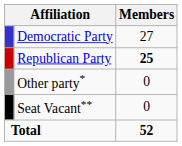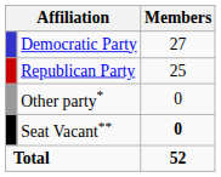 <table class="wikitable">
 <tr>
 <th colspan=2>Affiliation</th>
 <th>Members</th>
 </tr>
 <tr>
 <td bgcolor="#3333CC"> </td>
 <td><a href='#'>Democratic Party</a></td>
 <td align=center>27</td>
 </tr>
 <tr>
 <td bgcolor="#CC0000"> </td>
 <td><a href='#'>Republican Party</a></td>
-<td align=center><strong>25</strong></td>
+<td align=center>25</td>
 </tr>
 <tr>
 <td bgcolor="#999999"> </td>
 <td>Other party<sup>*</sup></td>
 <td align=center>0</td>
 </tr>
 <tr>
 <td bgcolor="black"> </td>
 <td>Seat Vacant<sup>**</sup></td>
-<td align=center>0</td>
+<td align=center><strong>0</strong></td>
 </tr>
 <tr>
 <td colspan=2> <strong>Total</strong></td>
 <td align=center><strong>52</strong></td>
 </tr>
 </table>
